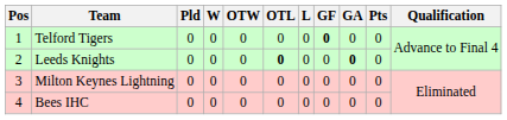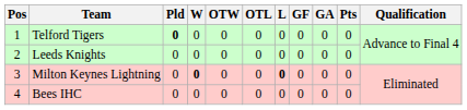 <table class="wikitable">
 <tr>
 <th>Pos</th>
 <th>Team</th>
 <th>Pld</th>
 <th>W</th>
 <th>OTW</th>
 <th>OTL</th>
 <th>L</th>
 <th>GF</th>
 <th>GA</th>
 <th>Pts</th>
 <th>Qualification</th>
 </tr>
 <tr style="background:#ccffcc;">
 <td align="center">1</td>
 <td>Telford Tigers</td>
+<td align="center"><strong>0</strong></td>
 <td align="center">0</td>
 <td align="center">0</td>
 <td align="center">0</td>
 <td align="center">0</td>
 <td align="center">0</td>
-<td align="center"><strong>0</strong></td>
 <td align="center">0</td>
 <td align="center">0</td>
 <td rowspan="2">Advance to Final 4</td>
 </tr>
 <tr style="background:#ccffcc;">
 <td align="center">2</td>
 <td>Leeds Knights</td>
 <td align="center">0</td>
 <td align="center">0</td>
 <td align="center">0</td>
-<td align="center"><strong>0</strong></td>
 <td align="center">0</td>
 <td align="center">0</td>
-<td align="center"><strong>0</strong></td>
+<td align="center">0</td>
+<td align="center">0</td>
 <td align="center">0</td>
 </tr>
 <tr style="background:#ffcccb;">
 <td align="center">3</td>
 <td>Milton Keynes Lightning</td>
 <td align="center">0</td>
+<td align="center"><strong>0</strong></td>
 <td align="center">0</td>
 <td align="center">0</td>
-<td align="center">0</td>
-<td align="center">0</td>
+<td align="center"><strong>0</strong></td>
 <td align="center">0</td>
 <td align="center">0</td>
 <td align="center">0</td>
 <td rowspan="2" align="center">Eliminated</td>
 </tr>
 <tr style="background:#ffcccb;">
 <td align="center">4</td>
 <td>Bees IHC</td>
 <td align="center">0</td>
 <td align="center">0</td>
 <td align="center">0</td>
 <td align="center">0</td>
 <td align="center">0</td>
 <td align="center">0</td>
 <td align="center">0</td>
 <td align="center">0</td>
 </tr>
 </table>
